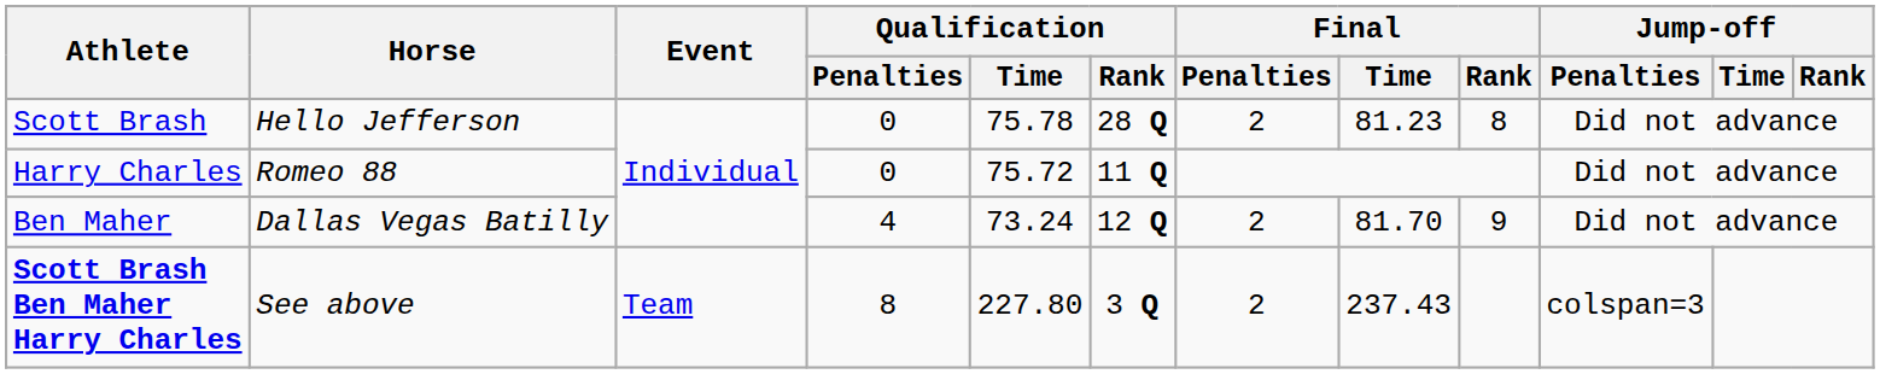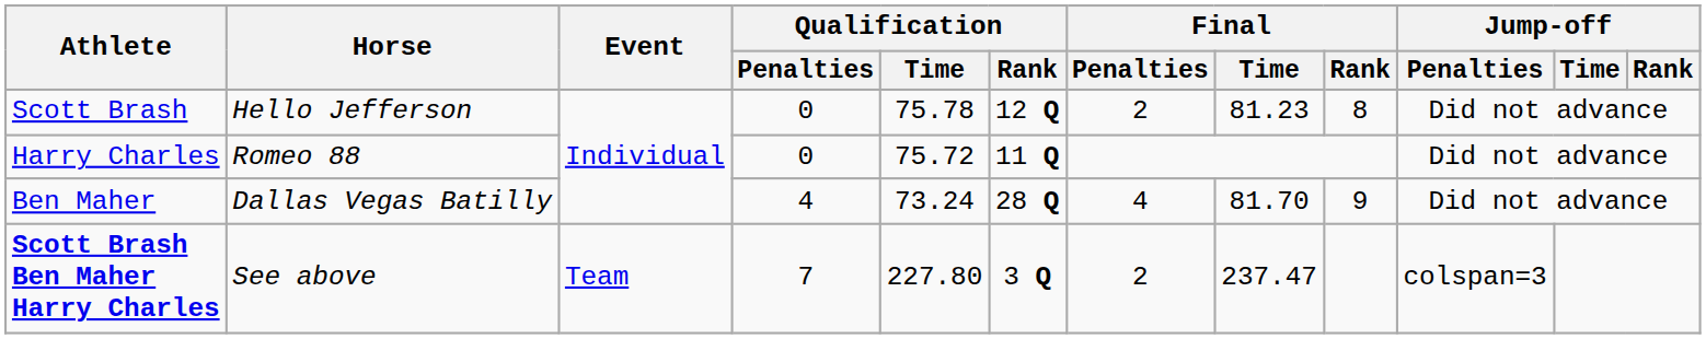 <table class=wikitable style=font-size:90%;text-align:center>
 <tr>
 <th rowspan=2>Athlete</th>
 <th rowspan=2>Horse</th>
 <th rowspan=2>Event</th>
 <th colspan=3>Qualification</th>
 <th colspan=3>Final</th>
 <th colspan=3>Jump-off</th>
 </tr>
 <tr style=font-size:95%>
 <th>Penalties</th>
 <th>Time</th>
 <th>Rank</th>
 <th>Penalties</th>
 <th>Time</th>
 <th>Rank</th>
 <th>Penalties</th>
 <th>Time</th>
 <th>Rank</th>
 </tr>
 <tr>
 <td align=left><a href='#'>Scott Brash</a></td>
 <td align=left><em>Hello Jefferson</em></td>
 <td align=left rowspan=3><a href='#'>Individual</a></td>
 <td>0</td>
 <td>75.78</td>
-<td>28  <strong>Q</strong></td>
+<td>12 <strong>Q</strong></td>
 <td>2</td>
 <td>81.23</td>
 <td>8</td>
 <td colspan=3>Did not advance</td>
 </tr>
 <tr>
 <td align=left><a href='#'>Harry Charles</a></td>
 <td align=left><em>Romeo 88</em></td>
 <td>0</td>
 <td>75.72</td>
 <td>11 <strong>Q</strong></td>
 <td colspan=3></td>
 <td colspan=3>Did not advance</td>
 </tr>
 <tr>
 <td align=left><a href='#'>Ben Maher</a></td>
 <td align=left><em>Dallas Vegas Batilly</em></td>
 <td>4</td>
 <td>73.24</td>
-<td>12 <strong>Q</strong></td>
-<td>2</td>
+<td>28  <strong>Q</strong></td>
+<td>4</td>
 <td>81.70</td>
 <td>9</td>
 <td colspan=3>Did not advance</td>
 </tr>
 <tr>
 <td align=left><strong><a href='#'>Scott Brash</a></strong><br><strong><a href='#'>Ben Maher</a></strong><br><strong><a href='#'>Harry Charles</a></strong></td>
 <td align=left><em>See above</em></td>
 <td align=left><a href='#'>Team</a></td>
-<td>8</td>
+<td>7</td>
 <td>227.80</td>
 <td>3 <strong>Q</strong></td>
 <td>2</td>
-<td>237.43</td>
+<td>237.47</td>
 <td></td>
 <td>colspan=3 </td>
 </tr>
 </table>
